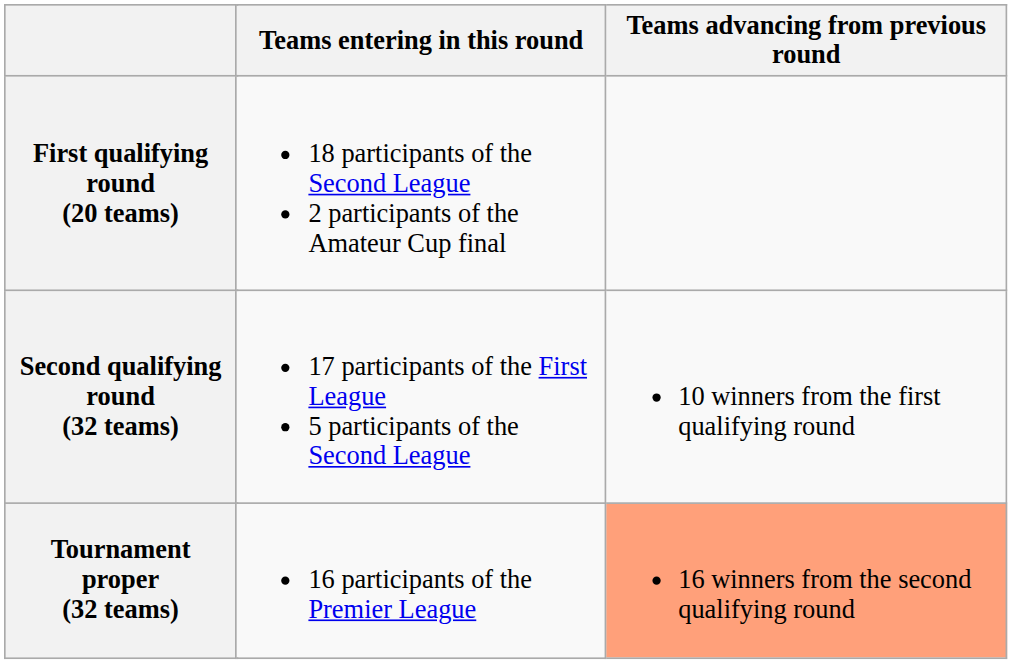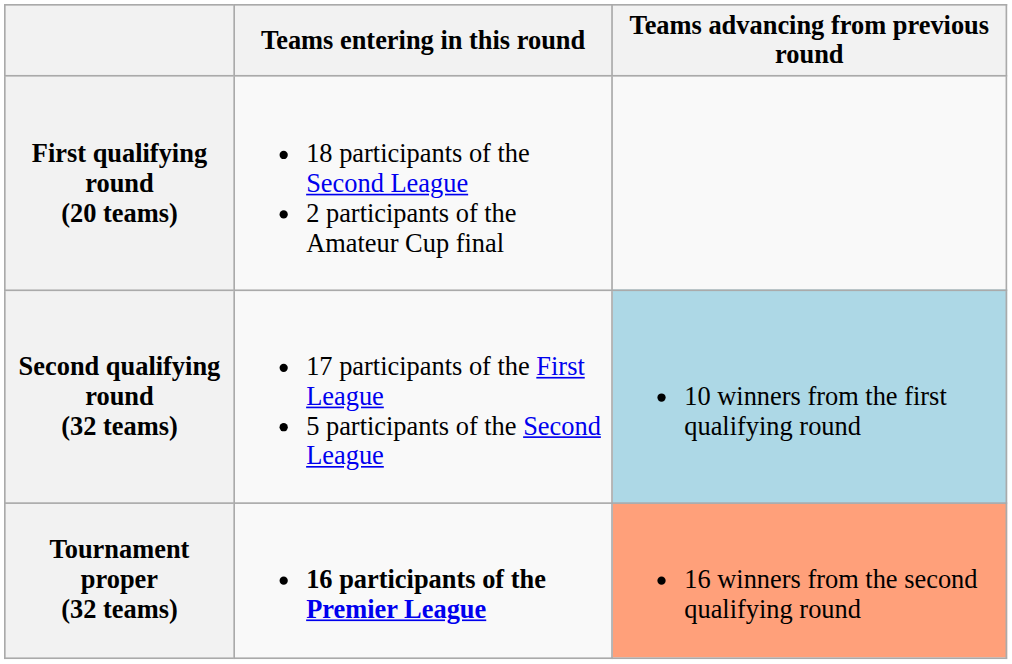 <table class="wikitable">
 <tr>
 <th colspan=2></th>
 <th>Teams entering in this round</th>
 <th>Teams advancing from previous round</th>
 </tr>
 <tr>
 <th colspan=2>First qualifying round<br> (20 teams)</th>
 <td><br><ul><li>18 participants of the <a href='#'>Second League</a></li><li>2 participants of the Amateur Cup final</li></ul></td>
 <td></td>
 </tr>
 <tr>
 <th colspan=2>Second qualifying round<br> (32 teams)</th>
 <td><br><ul><li>17 participants of the <a href='#'>First League</a></li><li>5 participants of the <a href='#'>Second League</a></li></ul></td>
-<td><br><ul><li>10 winners from the first qualifying round</li></ul></td>
+<td style="background: lightblue;"><br><ul><li>10 winners from the first qualifying round</li></ul></td>
 </tr>
 <tr>
 <th colspan=2>Tournament proper<br> (32 teams)</th>
-<td><br><ul><li>16 participants of the <a href='#'>Premier League</a></li></ul></td>
+<td><strong><br><ul><li>16 participants of the <a href='#'>Premier League</a></li></ul></strong></td>
 <td style="background: lightsalmon;"><br><ul><li>16 winners from the second qualifying round</li></ul></td>
 </tr>
 </table>
